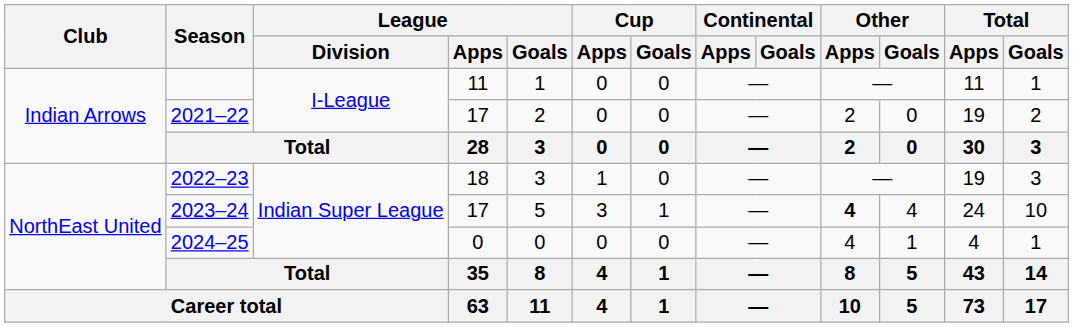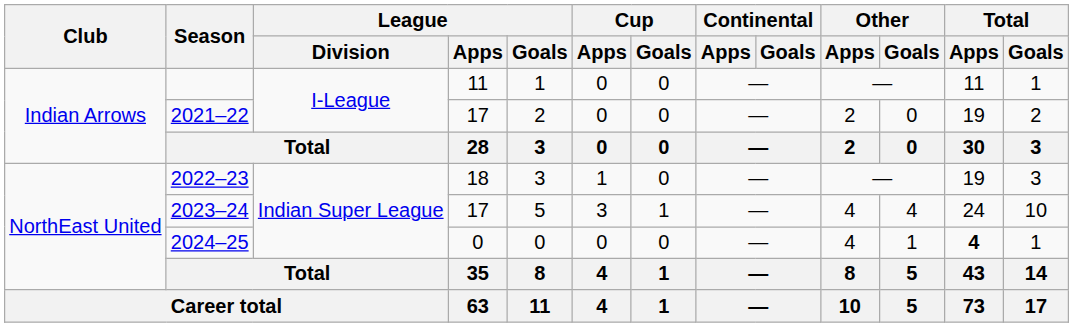 <table class=wikitable style=text-align:center>
 <tr>
 <th rowspan=2>Club</th>
 <th rowspan=2>Season</th>
 <th colspan=3>League</th>
 <th colspan=2>Cup</th>
 <th colspan=2>Continental</th>
 <th colspan=2>Other</th>
 <th colspan=2>Total</th>
 </tr>
 <tr>
 <th>Division</th>
 <th>Apps</th>
 <th>Goals</th>
 <th>Apps</th>
 <th>Goals</th>
 <th>Apps</th>
 <th>Goals</th>
 <th>Apps</th>
 <th>Goals</th>
 <th>Apps</th>
 <th>Goals</th>
 </tr>
 <tr>
 <td rowspan="3"><a href='#'>Indian Arrows</a></td>
 <td></td>
 <td rowspan="2"><a href='#'>I-League</a></td>
 <td>11</td>
 <td>1</td>
 <td>0</td>
 <td>0</td>
 <td colspan="2">—</td>
 <td colspan="2">—</td>
 <td>11</td>
 <td>1</td>
 </tr>
 <tr>
 <td><a href='#'>2021–22</a></td>
 <td>17</td>
 <td>2</td>
 <td>0</td>
 <td>0</td>
 <td colspan="2">—</td>
 <td>2</td>
 <td>0</td>
 <td>19</td>
 <td>2</td>
 </tr>
 <tr>
 <th colspan="2">Total</th>
 <th>28</th>
 <th>3</th>
 <th>0</th>
 <th>0</th>
 <th colspan="2">—</th>
 <th>2</th>
 <th>0</th>
 <th>30</th>
 <th>3</th>
 </tr>
 <tr>
 <td rowspan="4"><a href='#'>NorthEast United</a></td>
 <td><a href='#'>2022–23</a></td>
 <td rowspan="3"><a href='#'>Indian Super League</a></td>
 <td>18</td>
 <td>3</td>
 <td>1</td>
 <td>0</td>
 <td colspan="2">—</td>
 <td colspan="2">—</td>
 <td>19</td>
 <td>3</td>
 </tr>
 <tr>
 <td><a href='#'>2023–24</a></td>
 <td>17</td>
 <td>5</td>
 <td>3</td>
 <td>1</td>
 <td colspan="2">—</td>
-<td><strong>4</strong></td>
+<td>4</td>
 <td>4</td>
 <td>24</td>
 <td>10</td>
 </tr>
 <tr>
 <td><a href='#'>2024–25</a></td>
 <td>0</td>
 <td>0</td>
 <td>0</td>
 <td>0</td>
 <td colspan="2">—</td>
 <td>4</td>
 <td>1</td>
-<td>4</td>
+<td><strong>4</strong></td>
 <td>1</td>
 </tr>
 <tr>
 <th colspan="2">Total</th>
 <th>35</th>
 <th>8</th>
 <th>4</th>
 <th>1</th>
 <th colspan="2">—</th>
 <th>8</th>
 <th>5</th>
 <th>43</th>
 <th>14</th>
 </tr>
 <tr>
 <th colspan="3">Career total</th>
 <th>63</th>
 <th>11</th>
 <th>4</th>
 <th>1</th>
 <th colspan="2">—</th>
 <th>10</th>
 <th>5</th>
 <th>73</th>
 <th>17</th>
 </tr>
 </table>
